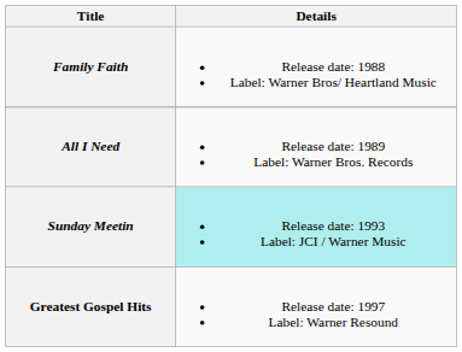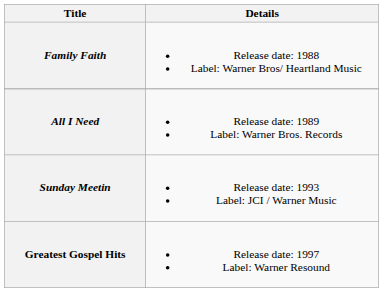 <table class="wikitable plainrowheaders" style="text-align:center;">
 <tr>
 <th style="width:12em;">Title</th>
 <th style="width:20em;">Details</th>
 </tr>
 <tr>
 <th scope="row"><em>Family Faith</em></th>
 <td><br><ul><li>Release date: 1988</li><li>Label: Warner Bros/ Heartland Music</li></ul></td>
 </tr>
 <tr>
 </tr>
 <tr>
 <th scope="row"><em>All I Need</em></th>
 <td><br><ul><li>Release date: 1989</li><li>Label: Warner Bros. Records</li></ul></td>
 </tr>
 <tr>
 <th scope="row"><em>Sunday Meetin<strong></th>
-<td style="background: paleturquoise;"><br><ul><li>Release date: 1993</li><li>Label: JCI / Warner Music</li></ul></td>
+<td><br><ul><li>Release date: 1993</li><li>Label: JCI / Warner Music</li></ul></td>
 </tr>
 <tr>
 <th scope="row"></em>Greatest Gospel Hits<em></th>
 <td><br><ul><li>Release date: 1997</li><li>Label: Warner Resound</li></ul></td>
 </tr>
 </table>
